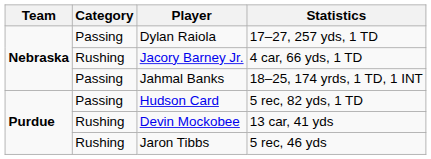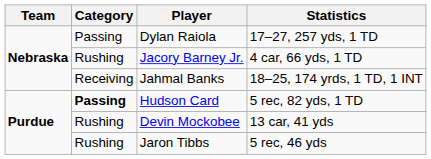 <table class="wikitable" style="float: right;">
 <tr>
 <th>Team</th>
 <th>Category</th>
 <th>Player</th>
 <th>Statistics</th>
 </tr>
 <tr>
 <td rowspan=3><strong>Nebraska</strong></td>
 <td>Passing</td>
 <td>Dylan Raiola</td>
 <td>17–27, 257 yds, 1 TD</td>
 </tr>
 <tr>
 <td>Rushing</td>
 <td><a href='#'>Jacory Barney Jr.</a></td>
 <td>4 car, 66 yds, 1 TD</td>
 </tr>
 <tr>
-<td>Passing</td>
+<td>Receiving</td>
 <td>Jahmal Banks</td>
 <td>18–25, 174 yrds, 1 TD, 1 INT</td>
 </tr>
 <tr>
 <td rowspan=3><strong>Purdue</strong></td>
-<td>Passing</td>
+<td><strong>Passing</strong></td>
 <td><a href='#'>Hudson Card</a></td>
 <td>5 rec, 82 yds, 1 TD</td>
 </tr>
 <tr>
 <td>Rushing</td>
 <td><a href='#'>Devin Mockobee</a></td>
 <td>13 car, 41 yds</td>
 </tr>
 <tr>
 <td>Rushing</td>
 <td>Jaron Tibbs</td>
 <td>5 rec, 46 yds</td>
 </tr>
 </table>
